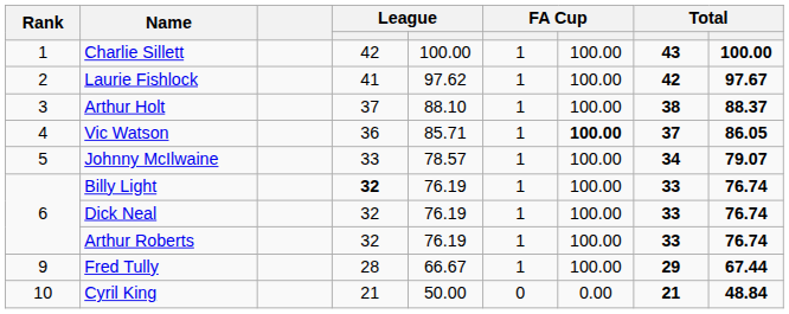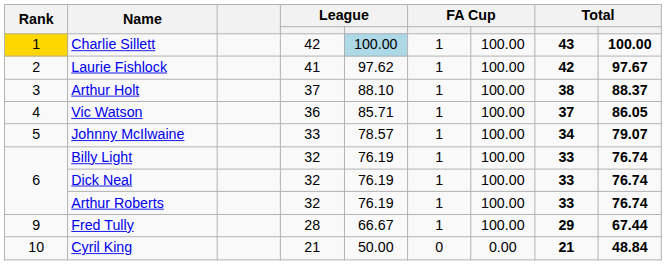 <table class="wikitable plainrowheaders" style="text-align:center;">
 <tr>
 <th scope="col" rowspan="2" style="width:4em;">Rank</th>
 <th scope="col" rowspan="2" style="width:10em;">Name</th>
 <th scope="col" rowspan="2" style="width:4em;"></th>
 <th scope="col" colspan="2">League</th>
 <th scope="col" colspan="2">FA Cup</th>
 <th scope="col" colspan="2">Total</th>
 </tr>
 <tr>
 <th scope="col" style="width:4em;"></th>
 <th scope="col" style="width:4em;"></th>
 <th scope="col" style="width:4em;"></th>
 <th scope="col" style="width:4em;"></th>
 <th scope="col" style="width:4em;"></th>
 <th scope="col" style="width:4em;"></th>
 </tr>
 <tr>
-<td>1</td>
+<td style="background: gold;">1</td>
 <td align="left"><a href='#'>Charlie Sillett</a></td>
 <td></td>
 <td>42</td>
-<td>100.00</td>
+<td style="background: lightblue;">100.00</td>
 <td>1</td>
 <td>100.00</td>
 <td><strong>43</strong></td>
 <td><strong>100.00</strong></td>
 </tr>
 <tr>
 <td>2</td>
 <td align="left"><a href='#'>Laurie Fishlock</a></td>
 <td></td>
 <td>41</td>
 <td>97.62</td>
 <td>1</td>
 <td>100.00</td>
 <td><strong>42</strong></td>
 <td><strong>97.67</strong></td>
 </tr>
 <tr>
 <td>3</td>
 <td align="left"><a href='#'>Arthur Holt</a></td>
 <td></td>
 <td>37</td>
 <td>88.10</td>
 <td>1</td>
 <td>100.00</td>
 <td><strong>38</strong></td>
 <td><strong>88.37</strong></td>
 </tr>
 <tr>
 <td>4</td>
 <td align="left"><a href='#'>Vic Watson</a></td>
 <td></td>
 <td>36</td>
 <td>85.71</td>
 <td>1</td>
-<td><strong>100.00</strong></td>
+<td>100.00</td>
 <td><strong>37</strong></td>
 <td><strong>86.05</strong></td>
 </tr>
 <tr>
 <td>5</td>
 <td align="left"><a href='#'>Johnny McIlwaine</a></td>
 <td></td>
 <td>33</td>
 <td>78.57</td>
 <td>1</td>
 <td>100.00</td>
 <td><strong>34</strong></td>
 <td><strong>79.07</strong></td>
 </tr>
 <tr>
 <td rowspan="3">6</td>
 <td align="left"><a href='#'>Billy Light</a></td>
 <td></td>
-<td><strong>32</strong></td>
+<td>32</td>
 <td>76.19</td>
 <td>1</td>
 <td>100.00</td>
 <td><strong>33</strong></td>
 <td><strong>76.74</strong></td>
 </tr>
 <tr>
 <td align="left"><a href='#'>Dick Neal</a></td>
 <td></td>
 <td>32</td>
 <td>76.19</td>
 <td>1</td>
 <td>100.00</td>
 <td><strong>33</strong></td>
 <td><strong>76.74</strong></td>
 </tr>
 <tr>
 <td align="left"><a href='#'>Arthur Roberts</a></td>
 <td></td>
 <td>32</td>
 <td>76.19</td>
 <td>1</td>
 <td>100.00</td>
 <td><strong>33</strong></td>
 <td><strong>76.74</strong></td>
 </tr>
 <tr>
 <td>9</td>
 <td align="left"><a href='#'>Fred Tully</a></td>
 <td></td>
 <td>28</td>
 <td>66.67</td>
 <td>1</td>
 <td>100.00</td>
 <td><strong>29</strong></td>
 <td><strong>67.44</strong></td>
 </tr>
 <tr>
 <td>10</td>
 <td align="left"><a href='#'>Cyril King</a></td>
 <td></td>
 <td>21</td>
 <td>50.00</td>
 <td>0</td>
 <td>0.00</td>
 <td><strong>21</strong></td>
 <td><strong>48.84</strong></td>
 </tr>
 </table>
